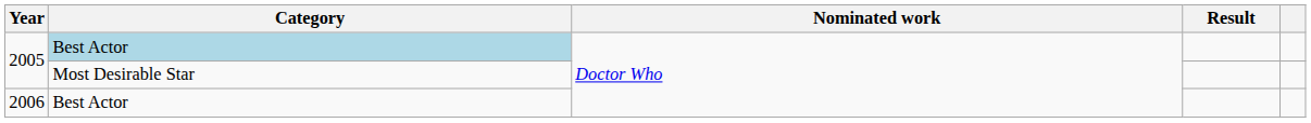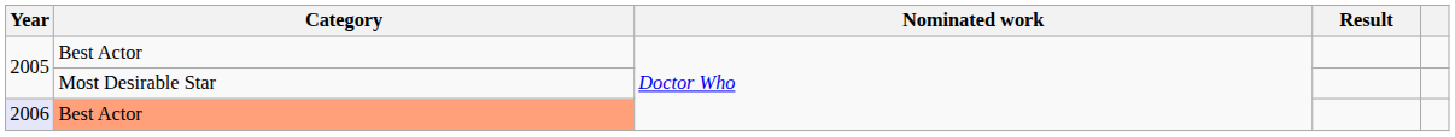 <table class=wikitable>
 <tr>
 <th scope="col" style="width:1em;">Year</th>
 <th scope="col" style="width:29em;">Category</th>
 <th scope="col" style="width:34em;">Nominated work</th>
 <th scope="col" style="width:5em;">Result</th>
 <th scope="col" style="width:1em;"></th>
 </tr>
 <tr>
 <td rowspan=2>2005</td>
-<td style="background: lightblue;">Best Actor</td>
+<td>Best Actor</td>
 <td rowspan="3"><em><a href='#'>Doctor Who</a></em></td>
 <td></td>
 <td></td>
 </tr>
 <tr>
 <td>Most Desirable Star</td>
 <td></td>
 <td></td>
 </tr>
 <tr>
-<td>2006</td>
-<td>Best Actor</td>
+<td style="background: lavender;">2006</td>
+<td style="background: lightsalmon;">Best Actor</td>
 <td></td>
 <td></td>
 </tr>
 </table>
